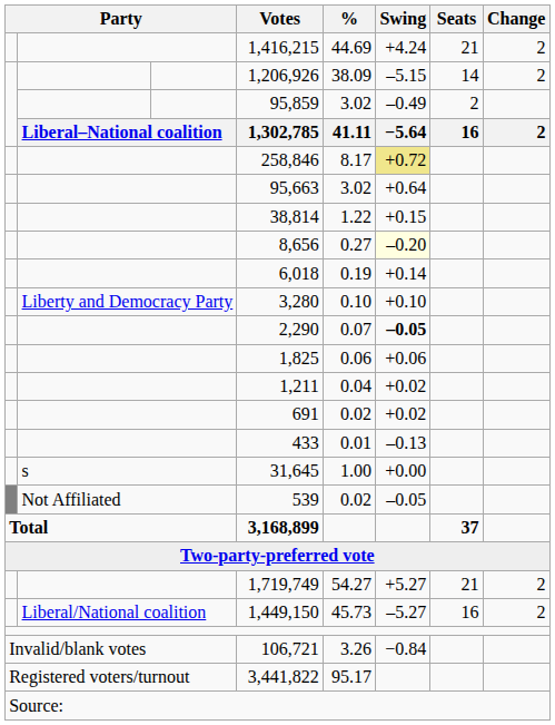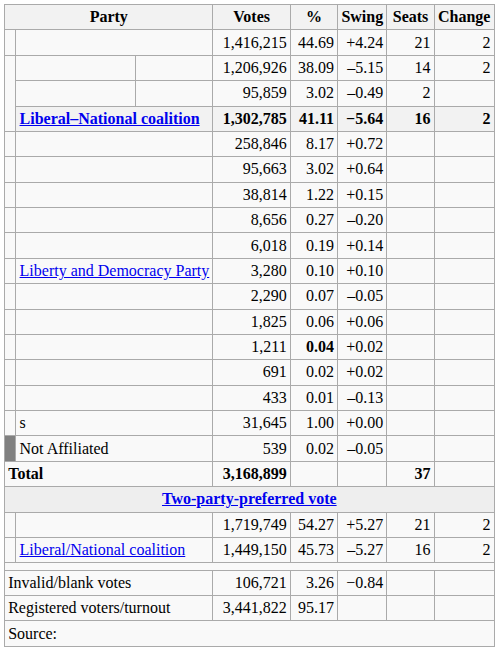 <table class="wikitable">
 <tr>
 <th colspan="3" style="width:200px"><strong>Party</strong></th>
 <th style="width:70px; text-align:center;"><strong>Votes</strong></th>
 <th style="width:40px; text-align:center;"><strong>%</strong></th>
 <th style="width:40px; text-align:center;"><strong>Swing</strong></th>
 <th style="width:40px; text-align:center;"><strong>Seats</strong></th>
 <th style="width:40px; text-align:center;"><strong>Change</strong></th>
 </tr>
 <tr>
 <td> </td>
 <td colspan=2></td>
 <td align=right>1,416,215</td>
 <td align=right>44.69</td>
 <td align=right>+4.24</td>
 <td align=right>21</td>
 <td align=right> 2</td>
 </tr>
 <tr>
 <td rowspan="3"></td>
 <td> </td>
 <td></td>
 <td align=right>1,206,926</td>
 <td align=right>38.09</td>
 <td align=right>–5.15</td>
 <td align=right>14</td>
 <td align=right> 2</td>
 </tr>
 <tr>
 <td> </td>
 <td></td>
 <td align=right>95,859</td>
 <td align=right>3.02</td>
 <td align=right>–0.49</td>
 <td align=right>2</td>
 <td align=right></td>
 </tr>
 <tr>
 <th colspan=2  style="text-align:left;"><a href='#'>Liberal–National coalition</a></th>
 <th style="text-align:right;">1,302,785</th>
 <th style="text-align:right;">41.11</th>
 <th style="text-align:right;">−5.64</th>
 <th style="text-align:right;">16</th>
 <th style="text-align:right;"> 2</th>
 </tr>
 <tr>
 <td> </td>
 <td colspan=2></td>
 <td align="right">258,846</td>
 <td align="right">8.17</td>
-<td align="right" style="background: khaki;">+0.72</td>
+<td align="right">+0.72</td>
 <td align="right"></td>
 <td align="right"></td>
 </tr>
 <tr>
 <td> </td>
 <td colspan=2></td>
 <td align="right">95,663</td>
 <td align="right">3.02</td>
 <td align="right">+0.64</td>
 <td align="right"></td>
 <td align="right"></td>
 </tr>
 <tr>
 <td> </td>
 <td colspan=2></td>
 <td align="right">38,814</td>
 <td align="right">1.22</td>
 <td align="right">+0.15</td>
 <td align="right"></td>
 <td align="right"></td>
 </tr>
 <tr>
 <td> </td>
 <td colspan=2></td>
 <td align="right">8,656</td>
 <td align="right">0.27</td>
-<td align="right" style="background: lightyellow;">–0.20</td>
+<td align="right">–0.20</td>
 <td align="right"></td>
 <td align="right"></td>
 </tr>
 <tr>
 <td> </td>
 <td colspan=2></td>
 <td align="right">6,018</td>
 <td align="right">0.19</td>
 <td align="right">+0.14</td>
 <td align="right"></td>
 <td align="right"></td>
 </tr>
 <tr>
 <td> </td>
 <td colspan=2><a href='#'>Liberty and Democracy Party</a></td>
 <td align="right">3,280</td>
 <td align="right">0.10</td>
 <td align="right">+0.10</td>
 <td align="right"></td>
 <td align="right"></td>
 </tr>
 <tr>
 <td> </td>
 <td colspan=2></td>
 <td align="right">2,290</td>
 <td align="right">0.07</td>
-<td align="right"><strong>–0.05</strong></td>
+<td align="right">–0.05</td>
 <td align="right"></td>
 <td align="right"></td>
 </tr>
 <tr>
 <td> </td>
 <td colspan=2></td>
 <td align="right">1,825</td>
 <td align="right">0.06</td>
 <td align="right">+0.06</td>
 <td align="right"></td>
 <td align="right"></td>
 </tr>
 <tr>
 <td> </td>
 <td colspan=2></td>
 <td align="right">1,211</td>
-<td align="right">0.04</td>
+<td align="right"><strong>0.04</strong></td>
 <td align="right">+0.02</td>
 <td align="right"></td>
 <td align="right"></td>
 </tr>
 <tr>
 <td> </td>
 <td colspan=2></td>
 <td align="right">691</td>
 <td align="right">0.02</td>
 <td align="right">+0.02</td>
 <td align="right"></td>
 <td align="right"></td>
 </tr>
 <tr>
 <td> </td>
 <td colspan=2></td>
 <td align="right">433</td>
 <td align="right">0.01</td>
 <td align="right">–0.13</td>
 <td align="right"></td>
 <td align="right"></td>
 </tr>
 <tr>
 <td> </td>
 <td colspan=2>s</td>
 <td align="right">31,645</td>
 <td align="right">1.00</td>
 <td align="right">+0.00</td>
 <td align="right"></td>
 <td align="right"></td>
 </tr>
 <tr>
 <td style="background:gray;"> </td>
 <td colspan=2>Not Affiliated</td>
 <td align="right">539</td>
 <td align="right">0.02</td>
 <td align="right">–0.05</td>
 <td align="right"></td>
 <td align="right"></td>
 </tr>
 <tr>
 <td colspan="3"><strong>Total</strong></td>
 <td align="right"><strong>3,168,899</strong></td>
 <td align="right"></td>
 <td align="right"></td>
 <td align="right"><strong>37</strong></td>
 <td align="right"></td>
 </tr>
 <tr>
 <td colspan=8 style="text-align:center; background:#eee;"><strong><a href='#'>Two-party-preferred vote</a></strong></td>
 </tr>
 <tr>
 <td> </td>
 <td colspan=2></td>
 <td align=right>1,719,749</td>
 <td align=right>54.27</td>
 <td align=right>+5.27</td>
 <td align=right>21</td>
 <td align=right> 2</td>
 </tr>
 <tr>
 <td> </td>
 <td colspan=2><a href='#'>Liberal/National coalition</a></td>
 <td align=right>1,449,150</td>
 <td align=right>45.73</td>
 <td align=right>–5.27</td>
 <td align=right>16</td>
 <td align=right> 2</td>
 </tr>
 <tr>
 <td colspan=8></td>
 </tr>
 <tr>
 <td colspan=3 align=left>Invalid/blank votes</td>
 <td align=right>106,721</td>
 <td align=right>3.26</td>
 <td align=right>−0.84</td>
 <td></td>
 <td></td>
 </tr>
 <tr>
 <td colspan=3 align=left>Registered voters/turnout</td>
 <td align=right>3,441,822</td>
 <td align=right>95.17</td>
 <td></td>
 <td></td>
 <td></td>
 </tr>
 <tr>
 <td colspan=8 align=left>Source: </td>
 </tr>
 </table>
